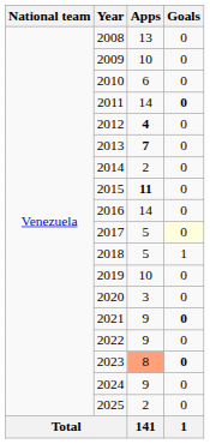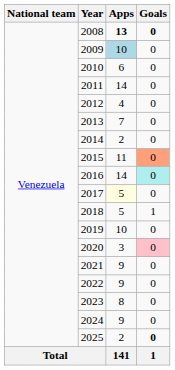 <table class="wikitable" style="text-align: center;">
 <tr>
 <th>National team</th>
 <th>Year</th>
 <th>Apps</th>
 <th>Goals</th>
 </tr>
 <tr>
 <td rowspan=18><a href='#'>Venezuela</a></td>
 <td>2008</td>
-<td>13</td>
-<td>0</td>
+<td><strong>13</strong></td>
+<td><strong>0</strong></td>
 </tr>
 <tr>
 <td>2009</td>
-<td>10</td>
+<td style="background: lightblue;">10</td>
 <td>0</td>
 </tr>
 <tr>
 <td>2010</td>
 <td>6</td>
 <td>0</td>
 </tr>
 <tr>
 <td>2011</td>
 <td>14</td>
-<td><strong>0</strong></td>
+<td>0</td>
 </tr>
 <tr>
 <td>2012</td>
-<td><strong>4</strong></td>
+<td>4</td>
 <td>0</td>
 </tr>
 <tr>
 <td>2013</td>
-<td><strong>7</strong></td>
+<td>7</td>
 <td>0</td>
 </tr>
 <tr>
 <td>2014</td>
 <td>2</td>
 <td>0</td>
 </tr>
 <tr>
 <td>2015</td>
-<td><strong>11</strong></td>
-<td>0</td>
+<td>11</td>
+<td style="background: lightsalmon;">0</td>
 </tr>
 <tr>
 <td>2016</td>
 <td>14</td>
-<td>0</td>
+<td style="background: paleturquoise;">0</td>
 </tr>
 <tr>
 <td>2017</td>
-<td>5</td>
-<td style="background: lightyellow;">0</td>
+<td style="background: lightyellow;">5</td>
+<td>0</td>
 </tr>
 <tr>
 <td>2018</td>
 <td>5</td>
 <td>1</td>
 </tr>
 <tr>
 <td>2019</td>
 <td>10</td>
 <td>0</td>
 </tr>
 <tr>
 <td>2020</td>
 <td>3</td>
-<td>0</td>
+<td style="background: pink;">0</td>
 </tr>
 <tr>
 <td>2021</td>
 <td>9</td>
-<td><strong>0</strong></td>
+<td>0</td>
 </tr>
 <tr>
 <td>2022</td>
 <td>9</td>
 <td>0</td>
 </tr>
 <tr>
 <td>2023</td>
-<td style="background: lightsalmon;">8</td>
-<td><strong>0</strong></td>
+<td>8</td>
+<td>0</td>
 </tr>
 <tr>
 <td>2024</td>
 <td>9</td>
 <td>0</td>
 </tr>
 <tr>
 <td>2025</td>
 <td>2</td>
-<td>0</td>
+<td><strong>0</strong></td>
 </tr>
 <tr>
 <th colspan=2>Total</th>
 <th>141</th>
 <th>1</th>
 </tr>
 </table>
